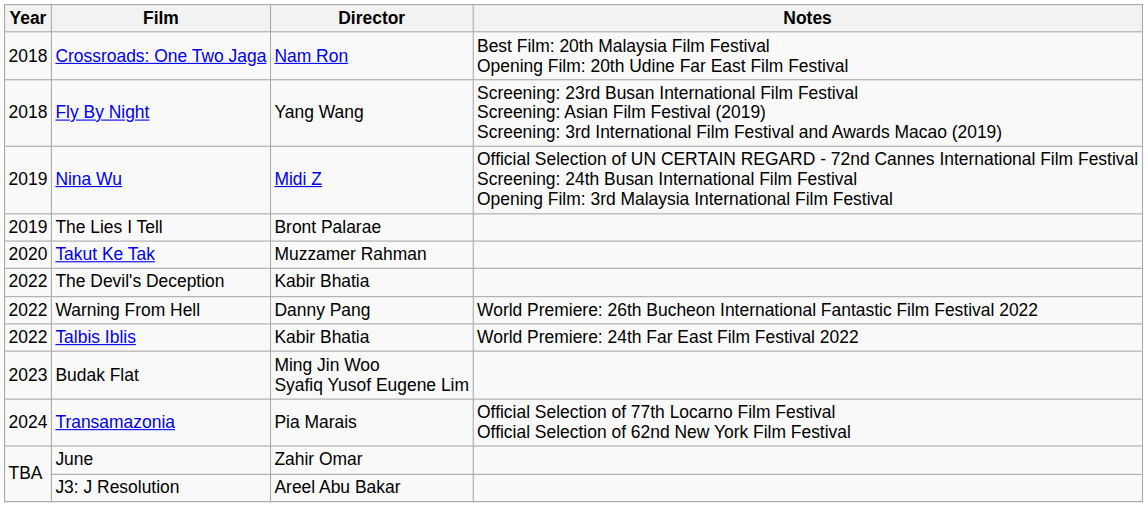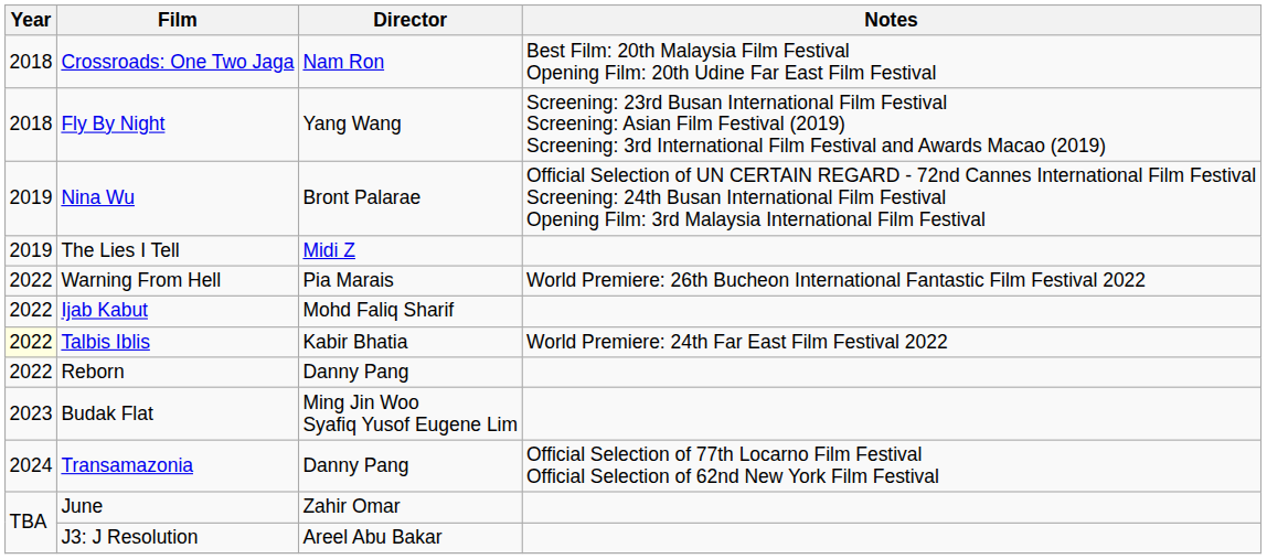 <table class="wikitable">
 <tr>
 <th>Year</th>
 <th>Film</th>
 <th>Director</th>
 <th>Notes</th>
 </tr>
 <tr>
 <td>2018</td>
 <td><a href='#'>Crossroads: One Two Jaga</a></td>
 <td><a href='#'>Nam Ron</a></td>
 <td>Best Film: 20th Malaysia Film Festival<br>Opening Film: 20th Udine Far East Film Festival</td>
 </tr>
 <tr>
 <td>2018</td>
 <td><a href='#'>Fly By Night</a></td>
 <td>Yang Wang</td>
 <td>Screening: 23rd Busan International Film Festival<br>Screening: Asian Film Festival (2019)<br>Screening: 3rd International Film Festival and Awards Macao (2019)</td>
 </tr>
 <tr>
 <td>2019</td>
 <td><a href='#'>Nina Wu</a></td>
-<td><a href='#'>Midi Z</a></td>
+<td>Bront Palarae</td>
 <td>Official Selection of UN CERTAIN REGARD - 72nd Cannes International Film Festival<br>Screening: 24th Busan International Film Festival<br>Opening Film: 3rd Malaysia International Film Festival</td>
 </tr>
 <tr>
 <td>2019</td>
 <td>The Lies I Tell</td>
-<td>Bront Palarae</td>
-<td></td>
-</tr>
-<tr>
-<td>2020</td>
-<td><a href='#'>Takut Ke Tak</a></td>
-<td>Muzzamer Rahman</td>
-<td></td>
-</tr>
-<tr>
-<td>2022</td>
-<td>The Devil's Deception</td>
-<td>Kabir Bhatia</td>
+<td><a href='#'>Midi Z</a></td>
 <td></td>
 </tr>
 <tr>
 <td>2022</td>
 <td>Warning From Hell</td>
-<td>Danny Pang</td>
+<td>Pia Marais</td>
 <td>World Premiere: 26th Bucheon International Fantastic Film Festival 2022</td>
 </tr>
 <tr>
 <td>2022</td>
+<td><a href='#'>Ijab Kabut</a></td>
+<td>Mohd Faliq Sharif</td>
+<td></td>
+</tr>
+<tr>
+<td style="background: lightyellow;">2022</td>
 <td><a href='#'>Talbis Iblis</a></td>
 <td>Kabir Bhatia</td>
 <td>World Premiere: 24th Far East Film Festival 2022</td>
+</tr>
+<tr>
+<td>2022</td>
+<td>Reborn</td>
+<td>Danny Pang</td>
+<td></td>
 </tr>
 <tr>
 <td>2023</td>
 <td>Budak Flat</td>
 <td>Ming Jin Woo<br>Syafiq Yusof Eugene Lim</td>
 <td></td>
 </tr>
 <tr>
 <td>2024</td>
 <td><a href='#'>Transamazonia</a></td>
-<td>Pia Marais</td>
+<td>Danny Pang</td>
 <td>Official Selection of 77th Locarno Film Festival<br>Official Selection of 62nd New York Film Festival</td>
 </tr>
 <tr>
 <td rowspan="2">TBA</td>
 <td>June</td>
 <td>Zahir Omar</td>
 <td></td>
 </tr>
 <tr>
 <td>J3: J Resolution</td>
 <td>Areel Abu Bakar</td>
 <td></td>
 </tr>
 <tr>
 </tr>
 </table>
